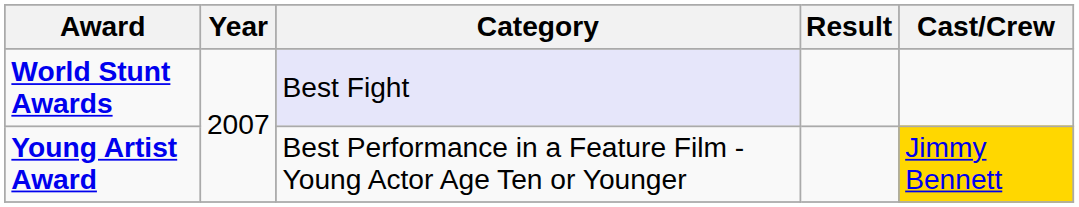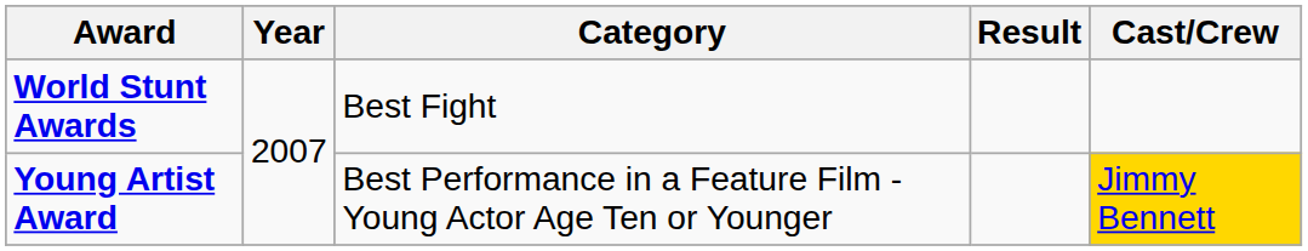 <table class="wikitable">
 <tr>
 <th>Award</th>
 <th>Year</th>
 <th>Category</th>
 <th>Result</th>
 <th>Cast/Crew</th>
 </tr>
 <tr>
 <td><strong><a href='#'>World Stunt Awards</a></strong></td>
 <td rowspan="2">2007</td>
-<td style="background: lavender;">Best Fight</td>
+<td>Best Fight</td>
 <td></td>
 <td></td>
 </tr>
 <tr>
 <td><strong><a href='#'>Young Artist Award</a></strong></td>
 <td>Best Performance in a Feature Film - Young Actor Age Ten or Younger</td>
 <td></td>
 <td style="background: gold;"><a href='#'>Jimmy Bennett</a></td>
 </tr>
 </table>
